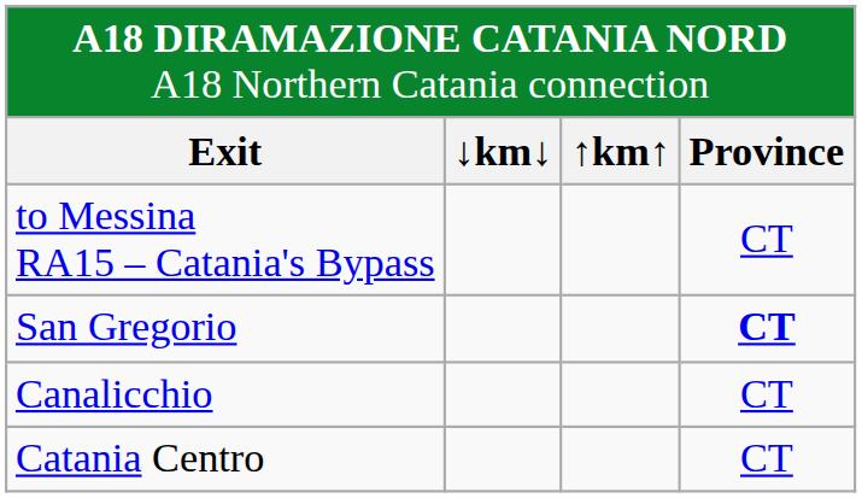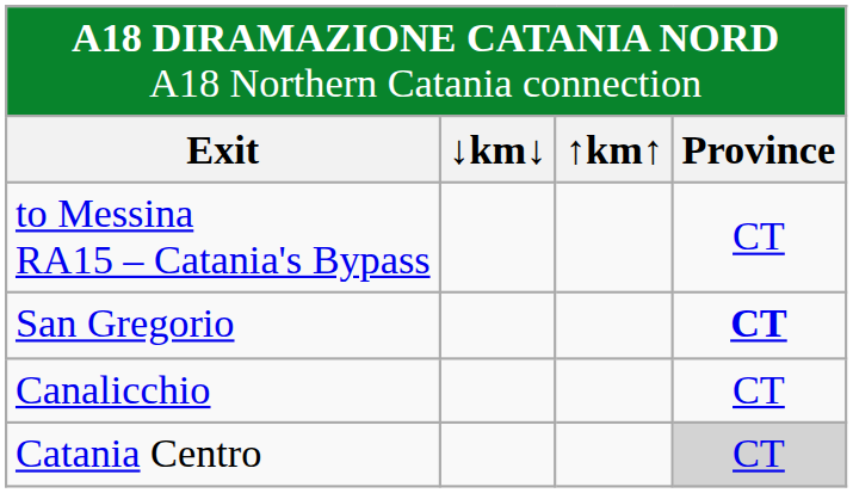 <table class="wikitable">
 <tr>
 </tr>
 <tr align="center" style="color: white;font-size:100%;" bgcolor="#08842c">
 <td colspan="6"> <strong>A18 DIRAMAZIONE CATANIA NORD</strong><br>A18 Northern Catania connection</td>
 </tr>
 <tr>
 <th><strong>Exit</strong></th>
 <th align="center"><strong>↓km↓</strong></th>
 <th align="center"><strong>↑km↑</strong></th>
 <th align="center"><strong>Province</strong></th>
 </tr>
 <tr>
 <td>   <a href='#'>to Messina</a><br>  <a href='#'>RA15 – Catania's Bypass</a></td>
 <td align="right"></td>
 <td align="right"></td>
 <td align="center"><a href='#'>CT</a></td>
 </tr>
 <tr>
 <td> <a href='#'>San Gregorio</a></td>
 <td align="right"></td>
 <td align="right"></td>
 <td align="center"><strong><a href='#'>CT</a></strong></td>
 </tr>
 <tr>
 <td> <a href='#'>Canalicchio</a></td>
 <td align="right"></td>
 <td align="right"></td>
 <td align="center"><a href='#'>CT</a></td>
 </tr>
 <tr>
 <td> <a href='#'>Catania</a> Centro</td>
 <td align="right"></td>
 <td align="right"></td>
-<td align="center"><a href='#'>CT</a></td>
+<td align="center" style="background: lightgrey;"><a href='#'>CT</a></td>
 </tr>
 </table>
